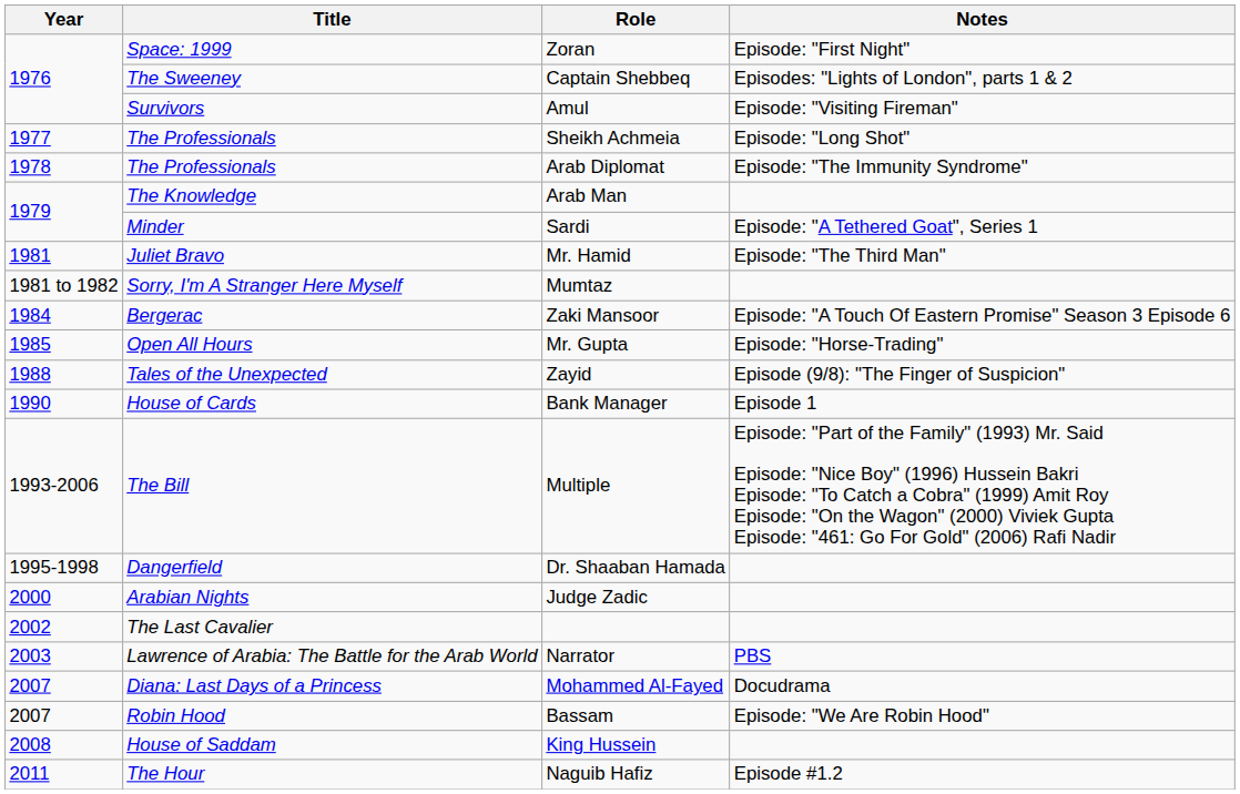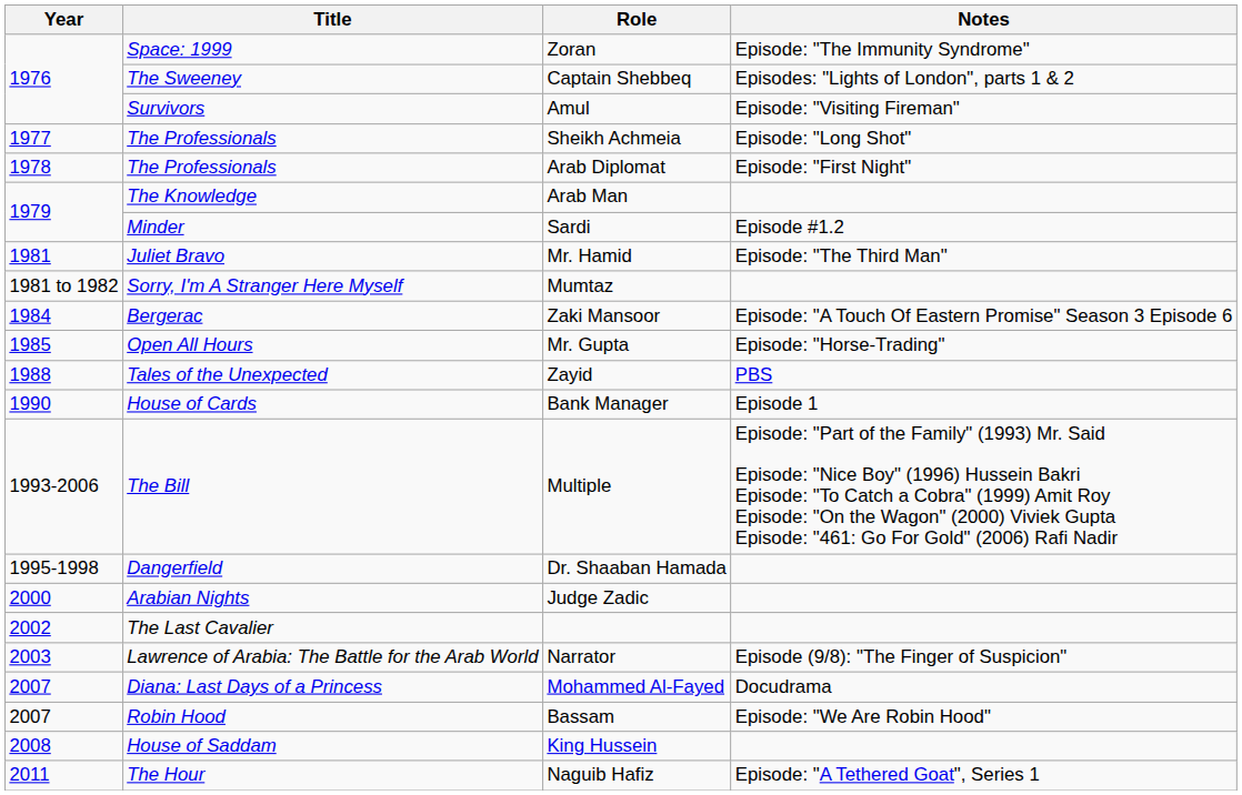 <table class="wikitable sortable">
 <tr>
 <th>Year</th>
 <th>Title</th>
 <th>Role</th>
 <th class = "unsortable">Notes</th>
 </tr>
 <tr>
 <td rowspan=3><a href='#'>1976</a></td>
 <td><em><a href='#'>Space: 1999</a></em></td>
 <td>Zoran</td>
-<td>Episode:  "First Night"</td>
+<td>Episode: "The Immunity Syndrome"</td>
 </tr>
 <tr>
 <td><em><a href='#'>The Sweeney</a></em></td>
 <td>Captain Shebbeq</td>
 <td>Episodes: "Lights of London", parts 1 & 2</td>
 </tr>
 <tr>
 <td><em><a href='#'>Survivors</a></em></td>
 <td>Amul</td>
 <td>Episode: "Visiting Fireman"</td>
 </tr>
 <tr>
 <td><a href='#'>1977</a></td>
 <td><em><a href='#'>The Professionals</a></em></td>
 <td>Sheikh Achmeia</td>
 <td>Episode:  "Long Shot"</td>
 </tr>
 <tr>
 <td><a href='#'>1978</a></td>
 <td><em><a href='#'>The Professionals</a></em></td>
 <td>Arab Diplomat</td>
-<td>Episode: "The Immunity Syndrome"</td>
+<td>Episode:  "First Night"</td>
 </tr>
 <tr>
 <td rowspan=2><a href='#'>1979</a></td>
 <td><em><a href='#'>The Knowledge</a></em></td>
 <td>Arab Man</td>
 <td></td>
 </tr>
 <tr>
 <td><em><a href='#'>Minder</a></em></td>
 <td>Sardi</td>
-<td>Episode: "<a href='#'>A Tethered Goat</a>", Series 1</td>
+<td>Episode #1.2</td>
 </tr>
 <tr>
 <td><a href='#'>1981</a></td>
 <td><em><a href='#'>Juliet Bravo</a></em></td>
 <td>Mr. Hamid</td>
 <td>Episode: "The Third Man"</td>
 </tr>
 <tr>
 <td>1981 to 1982</td>
 <td><em><a href='#'>Sorry, I'm A Stranger Here Myself</a></em></td>
 <td>Mumtaz</td>
 <td></td>
 </tr>
 <tr>
 <td><a href='#'>1984</a></td>
 <td><em><a href='#'>Bergerac</a></em></td>
 <td>Zaki Mansoor</td>
 <td>Episode: "A Touch Of Eastern Promise" Season 3 Episode 6</td>
 </tr>
 <tr>
 <td><a href='#'>1985</a></td>
 <td><em><a href='#'>Open All Hours</a></em></td>
 <td>Mr. Gupta</td>
 <td>Episode: "Horse-Trading"</td>
 </tr>
 <tr>
 <td><a href='#'>1988</a></td>
 <td><em><a href='#'>Tales of the Unexpected</a></em></td>
 <td>Zayid</td>
-<td>Episode (9/8): "The Finger of Suspicion"</td>
+<td><a href='#'>PBS</a></td>
 </tr>
 <tr>
 <td><a href='#'>1990</a></td>
 <td><em><a href='#'>House of Cards</a></em></td>
 <td>Bank Manager</td>
 <td>Episode 1</td>
 </tr>
 <tr>
 <td>1993-2006</td>
 <td><em><a href='#'>The Bill</a></em></td>
 <td>Multiple</td>
 <td>Episode: "Part of the Family" (1993) Mr. Said<br><br>Episode: "Nice Boy" (1996) Hussein Bakri<br> Episode: "To Catch a Cobra" (1999) Amit Roy<br> Episode: "On the Wagon" (2000) Viviek Gupta<br> Episode: "461: Go For Gold" (2006) Rafi Nadir</td>
 </tr>
 <tr>
 <td>1995-1998</td>
 <td><em><a href='#'>Dangerfield</a></em></td>
 <td>Dr. Shaaban Hamada</td>
 <td></td>
 </tr>
 <tr>
 <td><a href='#'>2000</a></td>
 <td><em><a href='#'>Arabian Nights</a></em></td>
 <td>Judge Zadic</td>
 <td></td>
 </tr>
 <tr>
 <td><a href='#'>2002</a></td>
 <td><em>The Last Cavalier</em></td>
 <td></td>
 <td></td>
 </tr>
 <tr>
 <td><a href='#'>2003</a></td>
 <td><em>Lawrence of Arabia: The Battle for the Arab World</em></td>
 <td>Narrator</td>
-<td><a href='#'>PBS</a></td>
+<td>Episode (9/8): "The Finger of Suspicion"</td>
 </tr>
 <tr>
 <td><a href='#'>2007</a></td>
 <td><em><a href='#'>Diana: Last Days of a Princess</a></em></td>
 <td><a href='#'>Mohammed Al-Fayed</a></td>
 <td>Docudrama</td>
 </tr>
 <tr>
 <td>2007</td>
 <td><em><a href='#'>Robin Hood</a></em></td>
 <td>Bassam</td>
 <td>Episode: "We Are Robin Hood"</td>
 </tr>
 <tr>
 <td><a href='#'>2008</a></td>
 <td><em><a href='#'>House of Saddam</a></em></td>
 <td><a href='#'>King Hussein</a></td>
 <td></td>
 </tr>
 <tr>
 <td><a href='#'>2011</a></td>
 <td><em><a href='#'>The Hour</a></em></td>
 <td>Naguib Hafiz</td>
-<td>Episode #1.2</td>
+<td>Episode: "<a href='#'>A Tethered Goat</a>", Series 1</td>
 </tr>
 <tr>
 </tr>
 </table>
